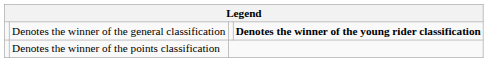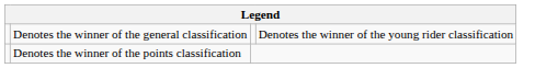 <table class="wikitable">
 <tr>
 <th colspan="4">Legend</th>
 </tr>
 <tr>
 <td></td>
 <td>Denotes the winner of the general classification</td>
 <td></td>
-<td><strong>Denotes the winner of the young rider classification</strong></td>
+<td>Denotes the winner of the young rider classification</td>
 </tr>
 <tr>
 <td></td>
 <td>Denotes the winner of the points classification</td>
 </tr>
 </table>
